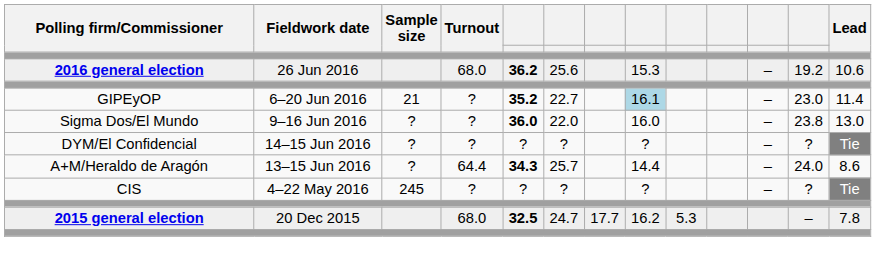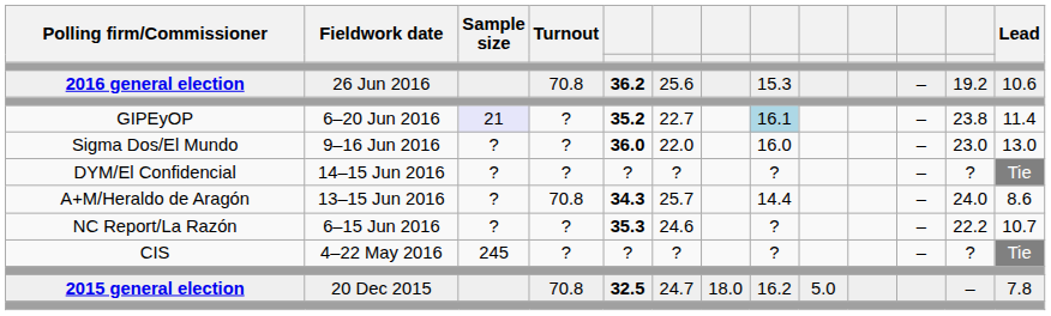 <table class="wikitable collapsible collapsed" style="text-align:center; font-size:95%; line-height:16px;">
 <tr style="height:42px; background-color:#E9E9E9">
 <th style="width:250px;" rowspan="2">Polling firm/Commissioner</th>
 <th style="width:125px;" rowspan="2">Fieldwork date</th>
 <th style="width:50px;" rowspan="2">Sample size</th>
 <th style="width:45px;" rowspan="2">Turnout</th>
 <th style="width:35px;"></th>
 <th style="width:35px;"></th>
 <th style="width:35px;"></th>
 <th style="width:35px;"></th>
 <th style="width:35px;"></th>
 <th style="width:35px;"></th>
 <th style="width:35px;"></th>
 <th style="width:35px;"></th>
 <th style="width:30px;" rowspan="2">Lead</th>
 </tr>
 <tr>
 <th style="color:inherit;background:"></th>
 <th style="color:inherit;background:"></th>
 <th style="color:inherit;background:"></th>
 <th style="color:inherit;background:"></th>
 <th style="color:inherit;background:"></th>
 <th style="color:inherit;background:"></th>
 <th style="color:inherit;background:"></th>
 <th style="color:inherit;background:"></th>
 </tr>
 <tr>
 <td colspan="13" style="background:#A0A0A0"></td>
 </tr>
 <tr style="background:#EFEFEF;">
 <td><strong><a href='#'>2016 general election</a></strong></td>
 <td>26 Jun 2016</td>
 <td></td>
-<td>68.0</td>
+<td>70.8</td>
 <td><strong>36.2</strong><br></td>
 <td>25.6<br></td>
 <td></td>
 <td>15.3<br></td>
 <td></td>
 <td></td>
 <td>–</td>
 <td>19.2<br></td>
 <td style="background:">10.6</td>
 </tr>
 <tr>
 <td colspan="13" style="background:#A0A0A0"></td>
 </tr>
 <tr>
 <td>GIPEyOP</td>
 <td>6–20 Jun 2016</td>
-<td>21</td>
+<td style="background: lavender;">21</td>
 <td>?</td>
 <td><strong>35.2</strong><br></td>
 <td>22.7<br></td>
 <td></td>
 <td style="background: lightblue;">16.1<br></td>
 <td></td>
 <td></td>
 <td>–</td>
-<td>23.0<br></td>
+<td>23.8<br></td>
 <td style="background:">11.4</td>
 </tr>
 <tr>
 <td>Sigma Dos/El Mundo</td>
 <td>9–16 Jun 2016</td>
 <td>?</td>
 <td>?</td>
 <td><strong>36.0</strong><br></td>
 <td>22.0<br></td>
 <td></td>
 <td>16.0<br></td>
 <td></td>
 <td></td>
 <td>–</td>
-<td>23.8<br></td>
+<td>23.0<br></td>
 <td style="background:">13.0</td>
 </tr>
 <tr>
 <td>DYM/El Confidencial</td>
 <td>14–15 Jun 2016</td>
 <td>?</td>
 <td>?</td>
 <td>?<br></td>
 <td>?<br></td>
 <td></td>
 <td>?<br></td>
 <td></td>
 <td></td>
 <td>–</td>
 <td>?<br></td>
 <td style="background:gray;color:white;">Tie</td>
 </tr>
 <tr>
 <td>A+M/Heraldo de Aragón</td>
 <td>13–15 Jun 2016</td>
 <td>?</td>
-<td>64.4</td>
+<td>70.8</td>
 <td><strong>34.3</strong><br></td>
 <td>25.7<br></td>
 <td></td>
 <td>14.4<br></td>
 <td></td>
 <td></td>
 <td>–</td>
 <td>24.0<br></td>
 <td style="background:">8.6</td>
+</tr>
+<tr>
+<td>NC Report/La Razón</td>
+<td>6–15 Jun 2016</td>
+<td>?</td>
+<td>?</td>
+<td><strong>35.3</strong><br></td>
+<td>24.6<br></td>
+<td></td>
+<td>?<br></td>
+<td></td>
+<td></td>
+<td>–</td>
+<td>22.2<br></td>
+<td style="background:">10.7</td>
 </tr>
 <tr>
 <td>CIS</td>
 <td>4–22 May 2016</td>
 <td>245</td>
 <td>?</td>
 <td>?<br></td>
 <td>?<br></td>
 <td></td>
 <td>?<br></td>
 <td></td>
 <td></td>
 <td>–</td>
 <td>?<br></td>
 <td style="background:gray;color:white;">Tie</td>
 </tr>
 <tr>
 <td colspan="13" style="background:#A0A0A0"></td>
 </tr>
 <tr style="background:#EFEFEF;">
 <td><strong><a href='#'>2015 general election</a></strong></td>
 <td>20 Dec 2015</td>
 <td></td>
-<td>68.0</td>
+<td>70.8</td>
 <td><strong>32.5</strong><br></td>
 <td>24.7<br></td>
-<td>17.7<br></td>
+<td>18.0<br></td>
 <td>16.2<br></td>
-<td>5.3<br></td>
+<td>5.0<br></td>
 <td></td>
 <td></td>
 <td>–</td>
 <td style="background:">7.8</td>
 </tr>
 <tr>
 <td colspan="13" style="background:#A0A0A0"></td>
 </tr>
 </table>
